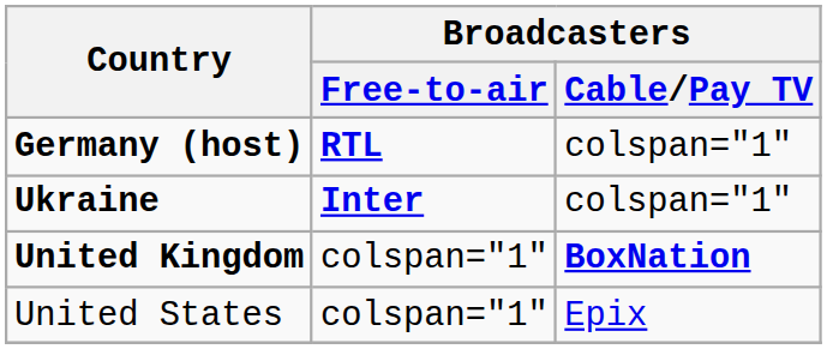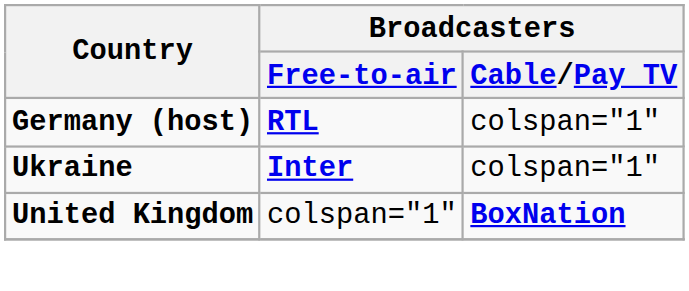 <table class="wikitable">
 <tr>
 <th rowspan="2">Country</th>
 <th colspan="2">Broadcasters</th>
 </tr>
 <tr>
 <th><a href='#'>Free-to-air</a></th>
 <th><a href='#'>Cable</a>/<a href='#'>Pay TV</a></th>
 </tr>
 <tr>
 <td><strong>Germany (host)</strong></td>
 <td><strong><a href='#'>RTL</a></strong></td>
 <td>colspan="1" </td>
 </tr>
 <tr>
 <td><strong>Ukraine</strong></td>
 <td><strong><a href='#'>Inter</a></strong></td>
 <td>colspan="1" </td>
 </tr>
 <tr>
 <td><strong>United Kingdom</strong></td>
 <td>colspan="1" </td>
 <td><strong><a href='#'>BoxNation</a></strong></td>
 </tr>
 <tr>
-<td>United States</td>
-<td>colspan="1" </td>
-<td><a href='#'>Epix</a></td>
-</tr>
-<tr>
 </tr>
 </table>
